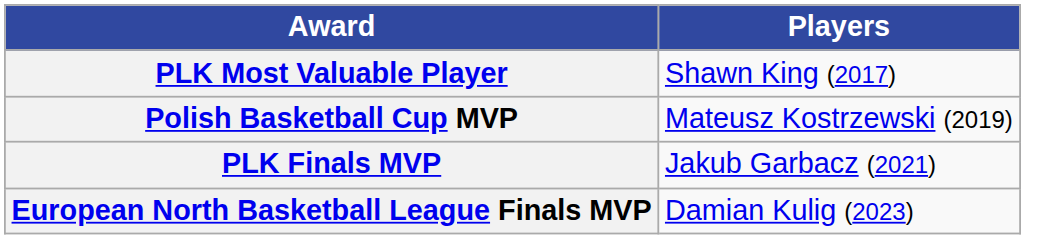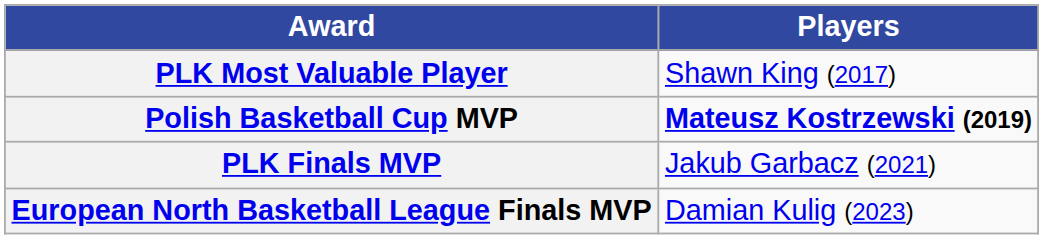 <table class="wikitable">
 <tr>
 <th style="background:#3048A0; color:white;">Award</th>
 <th style="background:#3048A0; color:white;">Players</th>
 </tr>
 <tr>
 <th scope="row"><a href='#'>PLK Most Valuable Player</a></th>
 <td><a href='#'>Shawn King</a> <small>(<a href='#'>2017</a>)</small></td>
 </tr>
 <tr>
 <th scope="row"><a href='#'>Polish Basketball Cup</a> MVP</th>
-<td><a href='#'>Mateusz Kostrzewski</a> <small>(2019)</small></td>
+<td><strong><a href='#'>Mateusz Kostrzewski</a> <small>(2019)</small></strong></td>
 </tr>
 <tr>
 <th scope="row"><a href='#'>PLK Finals MVP</a></th>
 <td><a href='#'>Jakub Garbacz</a> <small>(<a href='#'>2021</a>)</small></td>
 </tr>
 <tr>
 <th scope="row"><a href='#'>European North Basketball League</a> Finals MVP</th>
 <td><a href='#'>Damian Kulig</a> <small>(<a href='#'>2023</a>)</small></td>
 </tr>
 </table>
